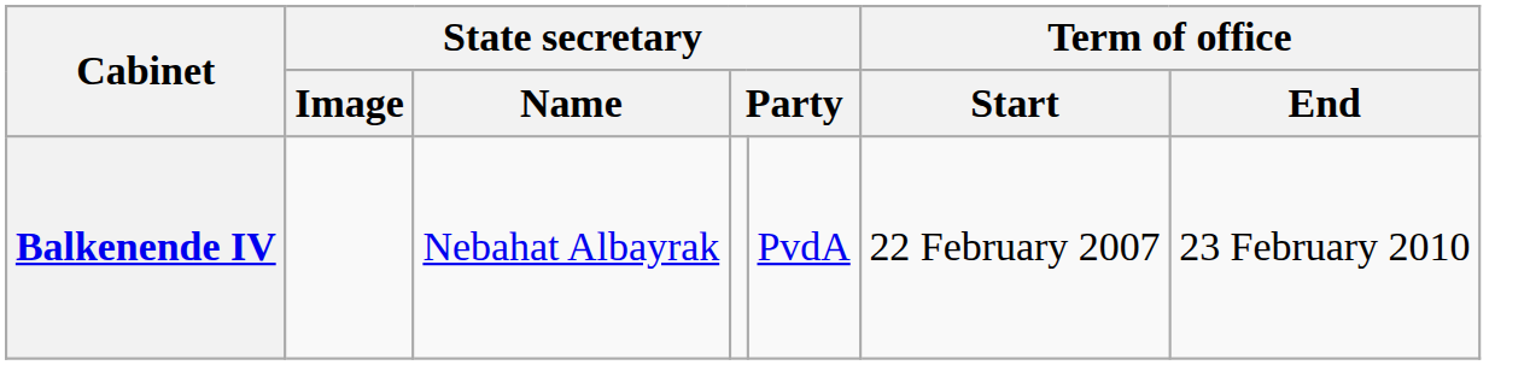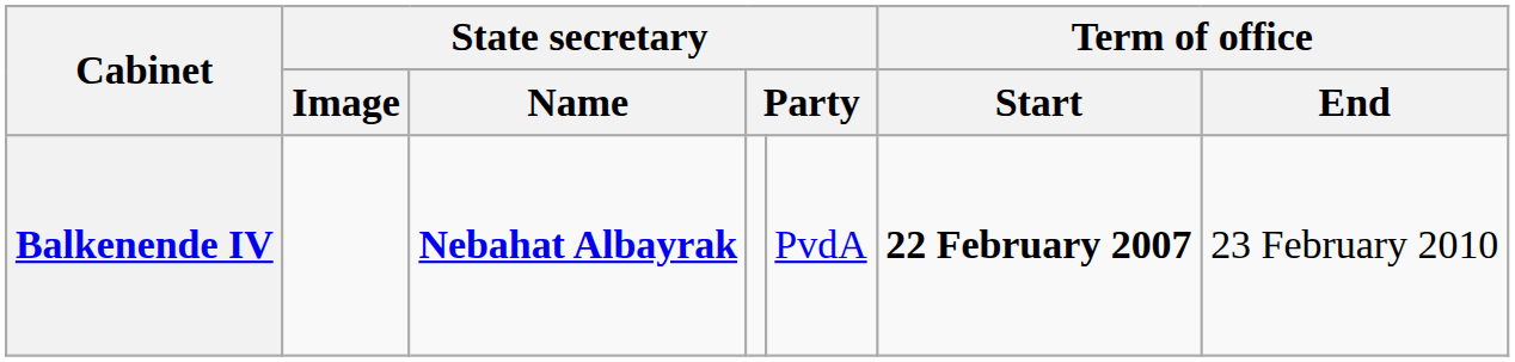 <table class="wikitable plainrowheaders">
 <tr>
 <th rowspan="2">Cabinet</th>
 <th colspan="4">State secretary</th>
 <th colspan="2">Term of office</th>
 </tr>
 <tr>
 <th>Image</th>
 <th>Name</th>
 <th colspan="2">Party</th>
 <th>Start</th>
 <th>End</th>
 </tr>
 <tr>
 <th scope="row"><a href='#'>Balkenende IV</a></th>
 <td height="80px"></td>
-<td><a href='#'>Nebahat Albayrak</a></td>
+<td><strong><a href='#'>Nebahat Albayrak</a></strong></td>
 <td style="background:"></td>
 <td style="text-align:center"><a href='#'>PvdA</a></td>
-<td style="text-align:center">22 February 2007</td>
+<td style="text-align:center"><strong>22 February 2007</strong></td>
 <td style="text-align:center">23 February 2010</td>
 </tr>
 </table>
